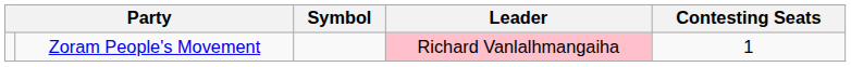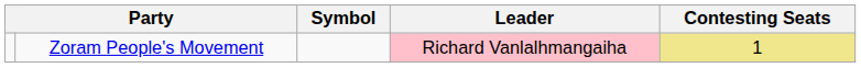 <table class="wikitable" width="60%" style="text-align:center">
 <tr>
 <th colspan="2">Party</th>
 <th>Symbol</th>
 <th>Leader</th>
 <th>Contesting Seats</th>
 </tr>
 <tr>
 <td></td>
 <td><a href='#'>Zoram People's Movement</a></td>
 <td></td>
 <td style="background: pink;">Richard Vanlalhmangaiha</td>
-<td>1</td>
+<td style="background: khaki;">1</td>
 </tr>
 <tr>
 </tr>
 </table>
